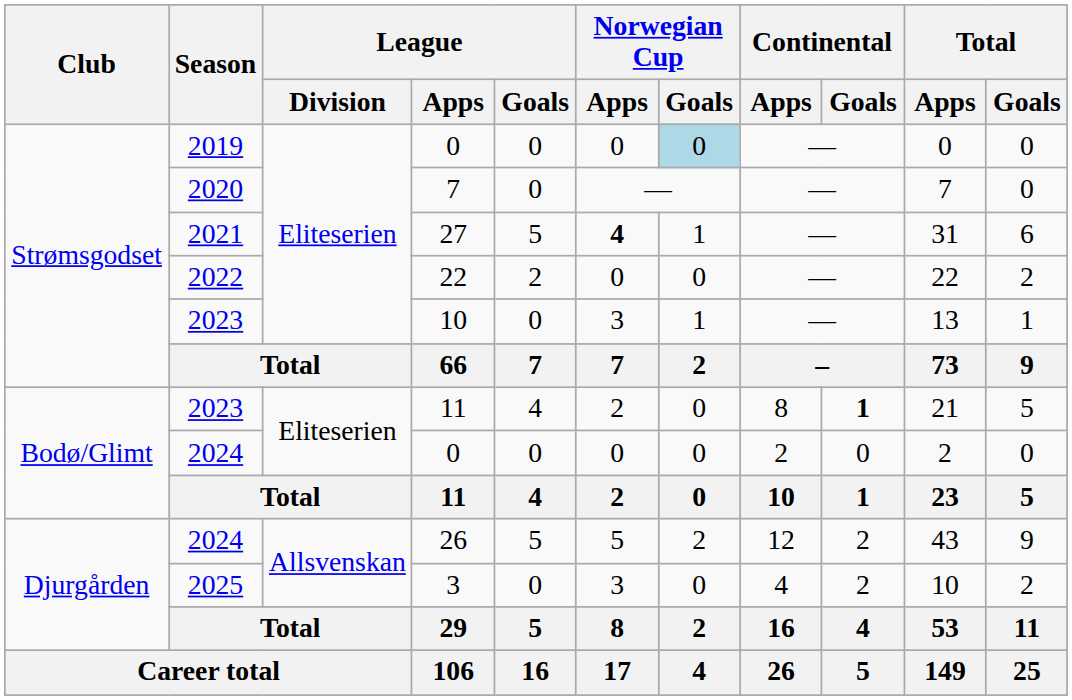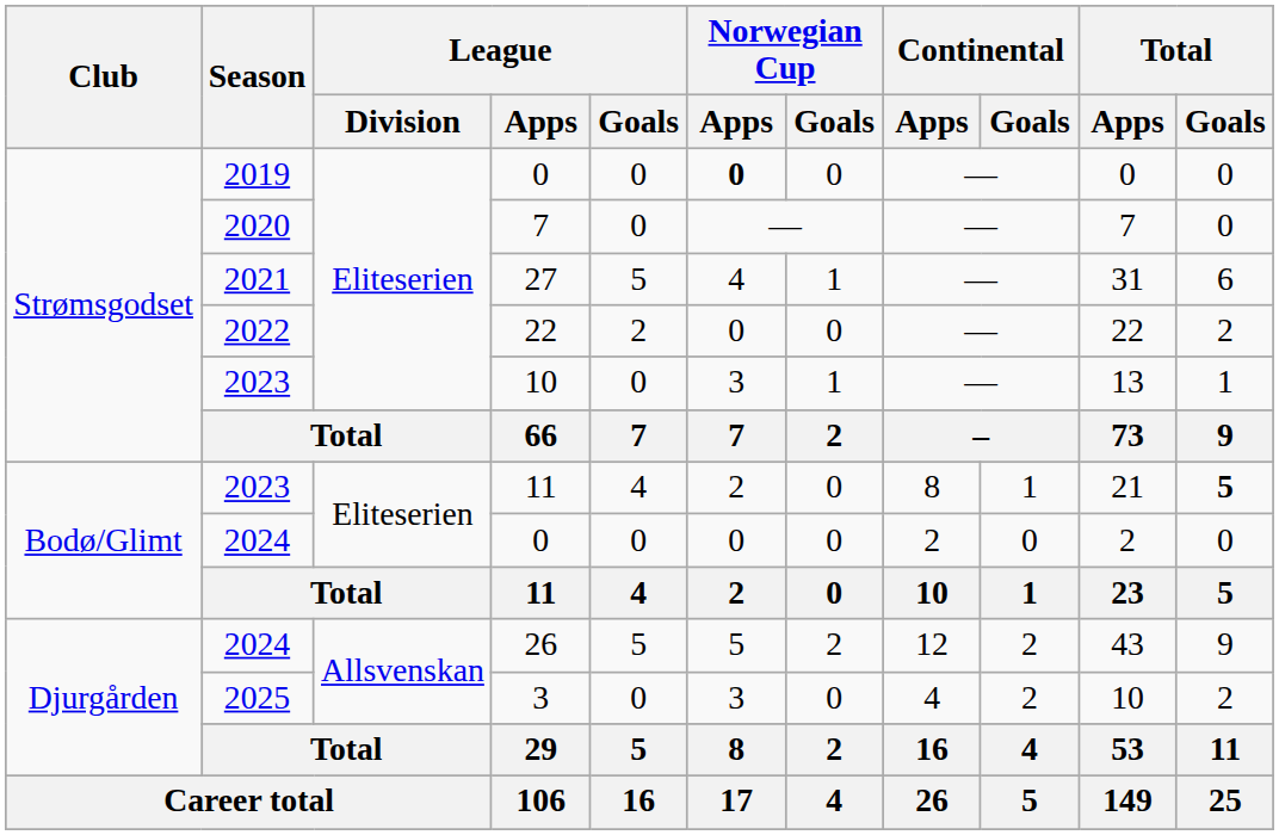 <table class="wikitable" style="text-align:center">
 <tr>
 <th rowspan="2">Club</th>
 <th rowspan="2">Season</th>
 <th colspan="3">League</th>
 <th colspan="2"><a href='#'>Norwegian Cup</a></th>
 <th colspan="2">Continental</th>
 <th colspan="2">Total</th>
 </tr>
 <tr>
 <th>Division</th>
 <th width="40">Apps</th>
 <th width="40">Goals</th>
 <th width="40">Apps</th>
 <th width="40">Goals</th>
 <th width="40">Apps</th>
 <th width="40">Goals</th>
 <th width="40">Apps</th>
 <th width="40">Goals</th>
 </tr>
 <tr>
 <td rowspan="6"><a href='#'>Strømsgodset</a></td>
 <td><a href='#'>2019</a></td>
 <td rowspan="5"><a href='#'>Eliteserien</a></td>
 <td>0</td>
 <td>0</td>
+<td><strong>0</strong></td>
 <td>0</td>
-<td style="background: lightblue;">0</td>
 <td colspan="2">—</td>
 <td>0</td>
 <td>0</td>
 </tr>
 <tr>
 <td><a href='#'>2020</a></td>
 <td>7</td>
 <td>0</td>
 <td colspan="2">—</td>
 <td colspan="2">—</td>
 <td>7</td>
 <td>0</td>
 </tr>
 <tr>
 <td><a href='#'>2021</a></td>
 <td>27</td>
 <td>5</td>
-<td><strong>4</strong></td>
+<td>4</td>
 <td>1</td>
 <td colspan="2">—</td>
 <td>31</td>
 <td>6</td>
 </tr>
 <tr>
 <td><a href='#'>2022</a></td>
 <td>22</td>
 <td>2</td>
 <td>0</td>
 <td>0</td>
 <td colspan="2">—</td>
 <td>22</td>
 <td>2</td>
 </tr>
 <tr>
 <td><a href='#'>2023</a></td>
 <td>10</td>
 <td>0</td>
 <td>3</td>
 <td>1</td>
 <td colspan="2">—</td>
 <td>13</td>
 <td>1</td>
 </tr>
 <tr>
 <th colspan="2">Total</th>
 <th>66</th>
 <th>7</th>
 <th>7</th>
 <th>2</th>
 <th colspan="2">–</th>
 <th>73</th>
 <th>9</th>
 </tr>
 <tr>
 <td rowspan="3"><a href='#'>Bodø/Glimt</a></td>
 <td><a href='#'>2023</a></td>
 <td rowspan="2">Eliteserien</td>
 <td>11</td>
 <td>4</td>
 <td>2</td>
 <td>0</td>
 <td>8</td>
-<td><strong>1</strong></td>
+<td>1</td>
 <td>21</td>
-<td>5</td>
+<td><strong>5</strong></td>
 </tr>
 <tr>
 <td><a href='#'>2024</a></td>
 <td>0</td>
 <td>0</td>
 <td>0</td>
 <td>0</td>
 <td>2</td>
 <td>0</td>
 <td>2</td>
 <td>0</td>
 </tr>
 <tr>
 <th colspan="2">Total</th>
 <th>11</th>
 <th>4</th>
 <th>2</th>
 <th>0</th>
 <th>10</th>
 <th>1</th>
 <th>23</th>
 <th>5</th>
 </tr>
 <tr>
 <td rowspan="3"><a href='#'>Djurgården</a></td>
 <td><a href='#'>2024</a></td>
 <td rowspan="2"><a href='#'>Allsvenskan</a></td>
 <td>26</td>
 <td>5</td>
 <td>5</td>
 <td>2</td>
 <td>12</td>
 <td>2</td>
 <td>43</td>
 <td>9</td>
 </tr>
 <tr>
 <td><a href='#'>2025</a></td>
 <td>3</td>
 <td>0</td>
 <td>3</td>
 <td>0</td>
 <td>4</td>
 <td>2</td>
 <td>10</td>
 <td>2</td>
 </tr>
 <tr>
 <th colspan="2">Total</th>
 <th>29</th>
 <th>5</th>
 <th>8</th>
 <th>2</th>
 <th>16</th>
 <th>4</th>
 <th>53</th>
 <th>11</th>
 </tr>
 <tr>
 <th colspan="3">Career total</th>
 <th>106</th>
 <th>16</th>
 <th>17</th>
 <th>4</th>
 <th>26</th>
 <th>5</th>
 <th>149</th>
 <th>25</th>
 </tr>
 </table>
